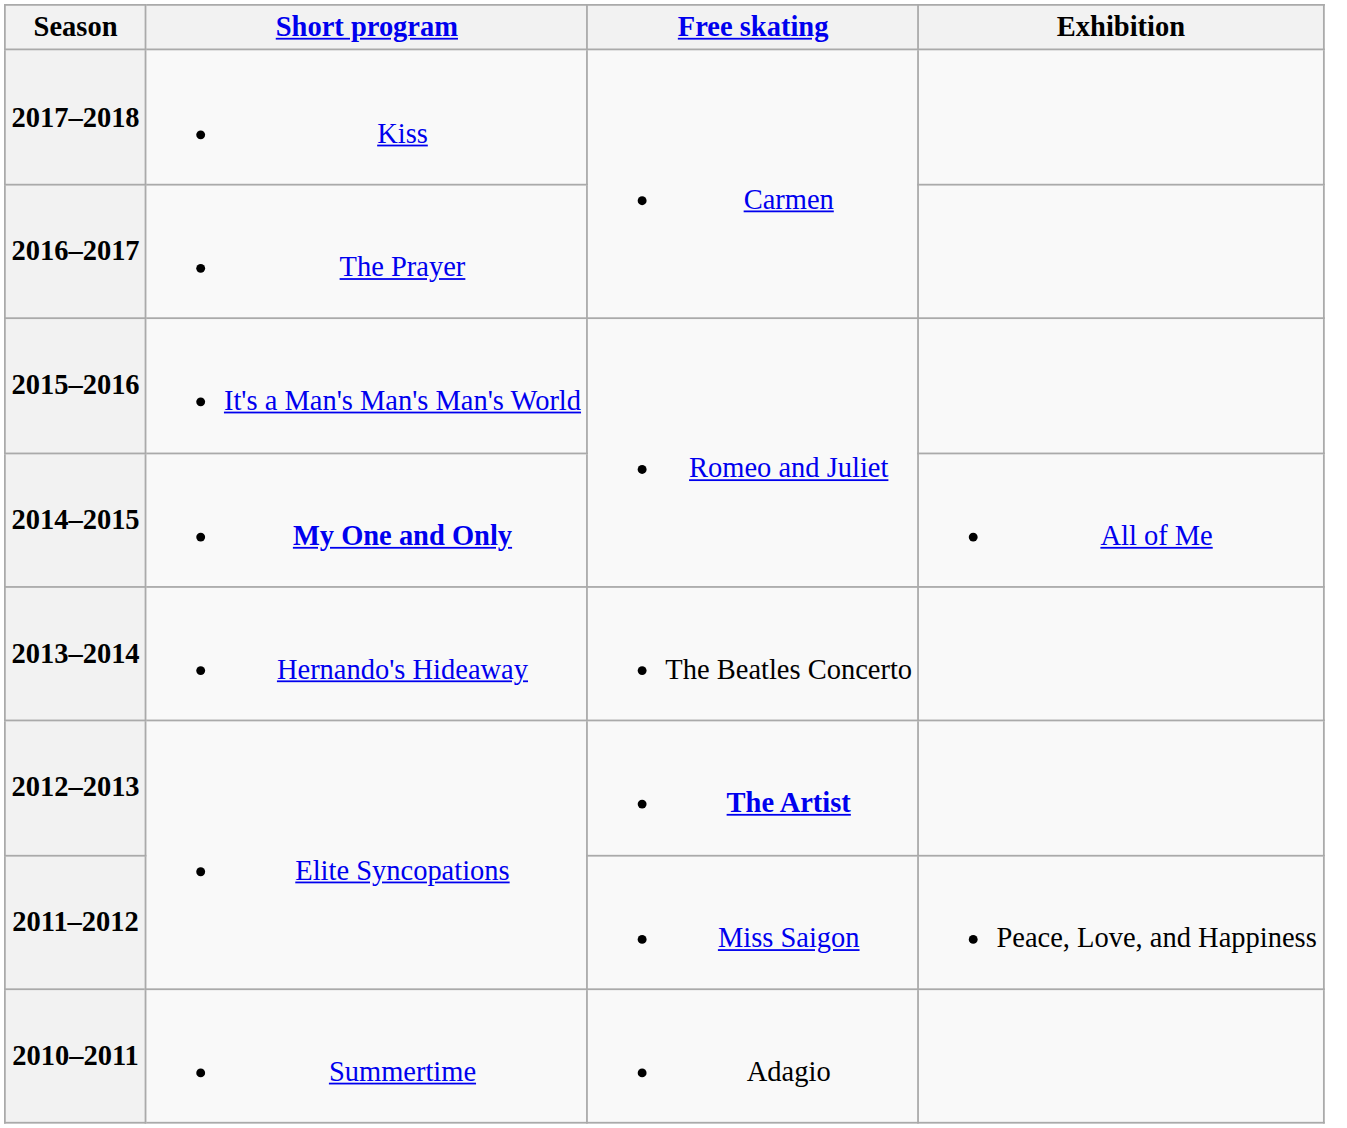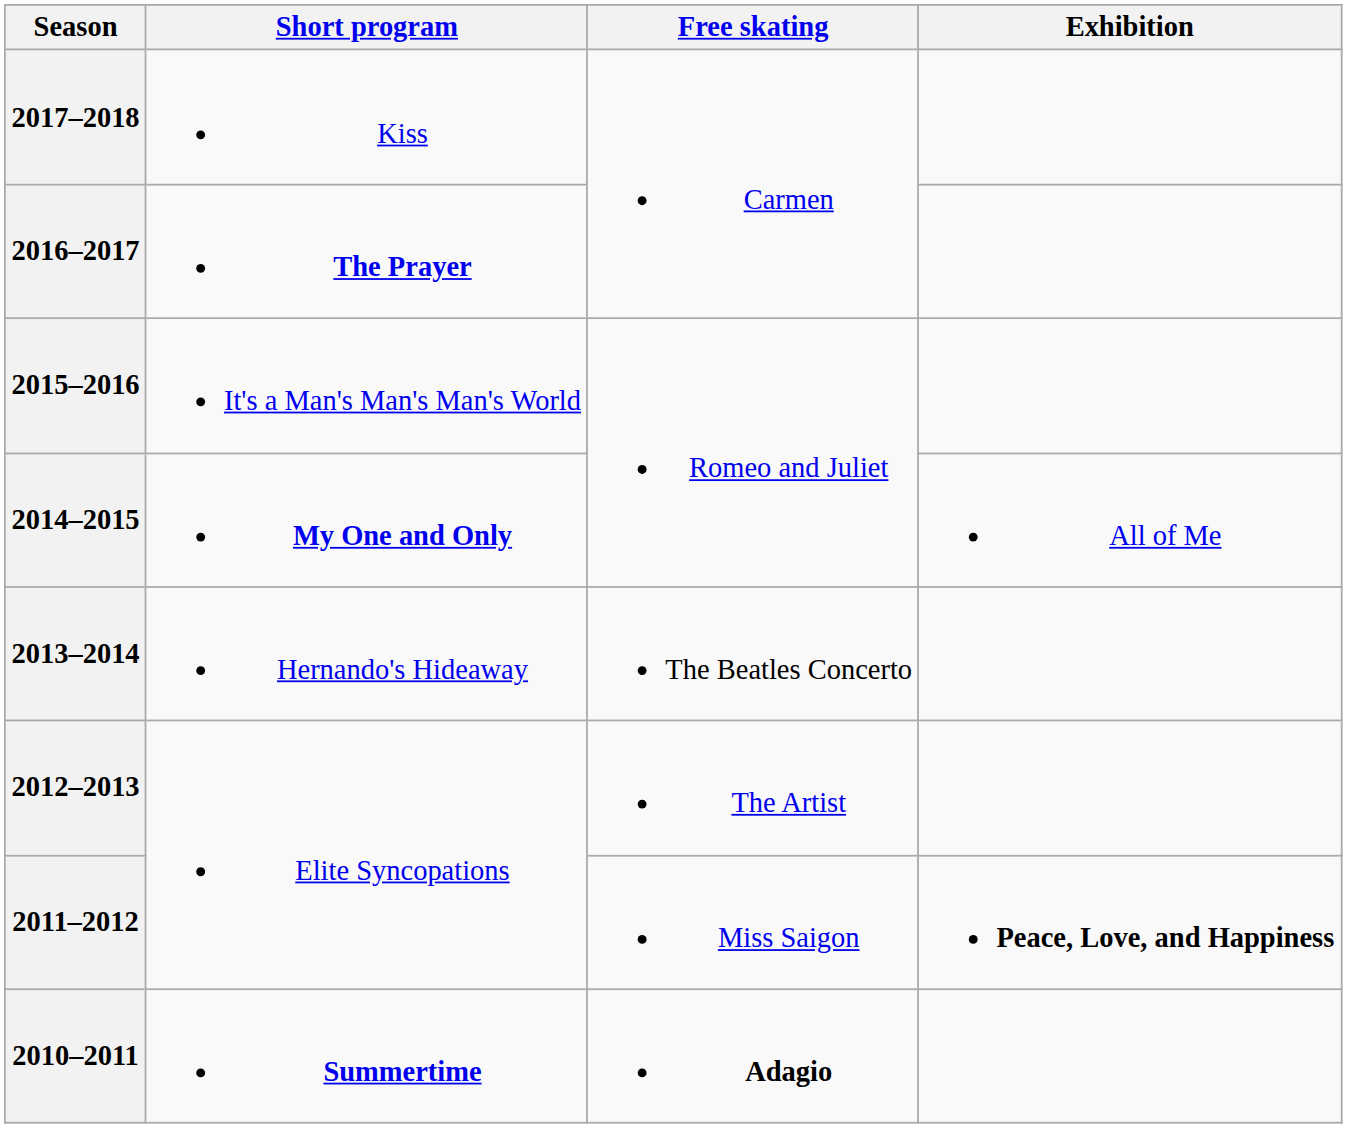 <table class=wikitable style=text-align:center>
 <tr>
 <th>Season</th>
 <th><a href='#'>Short program</a></th>
 <th><a href='#'>Free skating</a></th>
 <th>Exhibition</th>
 </tr>
 <tr>
 <th>2017–2018 <br></th>
 <td><br><ul><li><a href='#'>Kiss</a> <br></li></ul></td>
 <td rowspan=2><br><ul><li><a href='#'>Carmen</a> <br></li></ul></td>
 <td></td>
 </tr>
 <tr>
 <th>2016–2017 <br></th>
-<td><br><ul><li><a href='#'>The Prayer</a> <br></li></ul></td>
+<td><strong><br><ul><li><a href='#'>The Prayer</a> <br></li></ul></strong></td>
 <td></td>
 </tr>
 <tr>
 <th>2015–2016 <br></th>
 <td><br><ul><li><a href='#'>It's a Man's Man's Man's World</a> <br></li></ul></td>
 <td rowspan=2><br><ul><li><a href='#'>Romeo and Juliet</a> <br></li></ul></td>
 <td></td>
 </tr>
 <tr>
 <th>2014–2015 <br></th>
 <td><strong><br><ul><li><a href='#'>My One and Only</a> <br></li></ul></strong></td>
 <td><br><ul><li><a href='#'>All of Me</a> <br></li></ul></td>
 </tr>
 <tr>
 <th>2013–2014 <br></th>
 <td><br><ul><li><a href='#'>Hernando's Hideaway</a> <br></li></ul></td>
 <td><br><ul><li>The Beatles Concerto <br></li></ul></td>
 <td></td>
 </tr>
 <tr>
 <th>2012–2013 <br></th>
 <td rowspan=2><br><ul><li><a href='#'>Elite Syncopations</a> <br></li></ul></td>
-<td><strong><br><ul><li><a href='#'>The Artist</a> <br></li></ul></strong></td>
+<td><br><ul><li><a href='#'>The Artist</a> <br></li></ul></td>
 <td></td>
 </tr>
 <tr>
 <th>2011–2012 <br></th>
 <td><br><ul><li><a href='#'>Miss Saigon</a> <br></li></ul></td>
-<td><br><ul><li>Peace, Love, and Happiness <br></li></ul></td>
+<td><strong><br><ul><li>Peace, Love, and Happiness <br></li></ul></strong></td>
 </tr>
 <tr>
 <th>2010–2011 <br></th>
-<td><br><ul><li><a href='#'>Summertime</a> <br></li></ul></td>
-<td><br><ul><li>Adagio <br></li></ul></td>
+<td><strong><br><ul><li><a href='#'>Summertime</a> <br></li></ul></strong></td>
+<td><strong><br><ul><li>Adagio <br></li></ul></strong></td>
 <td></td>
 </tr>
 </table>
